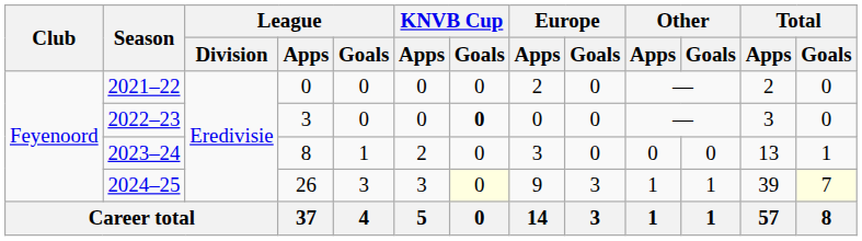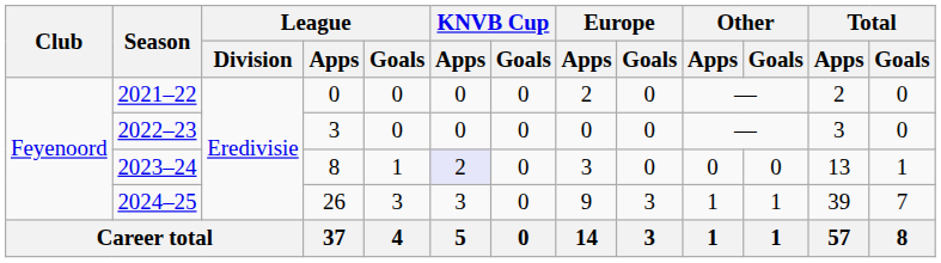 <table class="wikitable" style="text-align:center">
 <tr>
 <th rowspan="2">Club</th>
 <th rowspan="2">Season</th>
 <th colspan="3">League</th>
 <th colspan="2"><a href='#'>KNVB Cup</a></th>
 <th colspan="2">Europe</th>
 <th colspan="2">Other</th>
 <th colspan="2">Total</th>
 </tr>
 <tr>
 <th>Division</th>
 <th>Apps</th>
 <th>Goals</th>
 <th>Apps</th>
 <th>Goals</th>
 <th>Apps</th>
 <th>Goals</th>
 <th>Apps</th>
 <th>Goals</th>
 <th>Apps</th>
 <th>Goals</th>
 </tr>
 <tr>
 <td rowspan="4"><a href='#'>Feyenoord</a></td>
 <td><a href='#'>2021–22</a></td>
 <td rowspan="4"><a href='#'>Eredivisie</a></td>
 <td>0</td>
 <td>0</td>
 <td>0</td>
 <td>0</td>
 <td>2</td>
 <td>0</td>
 <td colspan="2">—</td>
 <td>2</td>
 <td>0</td>
 </tr>
 <tr>
 <td><a href='#'>2022–23</a></td>
 <td>3</td>
 <td>0</td>
 <td>0</td>
-<td><strong>0</strong></td>
+<td>0</td>
 <td>0</td>
 <td>0</td>
 <td colspan="2">—</td>
 <td>3</td>
 <td>0</td>
 </tr>
 <tr>
 <td><a href='#'>2023–24</a></td>
 <td>8</td>
 <td>1</td>
-<td>2</td>
+<td style="background: lavender;">2</td>
 <td>0</td>
 <td>3</td>
 <td>0</td>
 <td>0</td>
 <td>0</td>
 <td>13</td>
 <td>1</td>
 </tr>
 <tr>
 <td><a href='#'>2024–25</a></td>
 <td>26</td>
 <td>3</td>
 <td>3</td>
-<td style="background: lightyellow;">0</td>
+<td>0</td>
 <td>9</td>
 <td>3</td>
 <td>1</td>
 <td>1</td>
 <td>39</td>
-<td style="background: lightyellow;">7</td>
+<td>7</td>
 </tr>
 <tr>
 <th colspan="3">Career total</th>
 <th>37</th>
 <th>4</th>
 <th>5</th>
 <th>0</th>
 <th>14</th>
 <th>3</th>
 <th>1</th>
 <th>1</th>
 <th>57</th>
 <th>8</th>
 </tr>
 </table>
